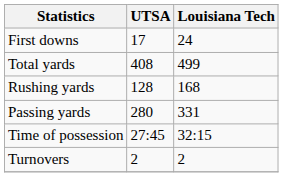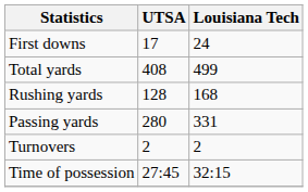 <table class="wikitable" style="float: left;">
 <tr>
 <th>Statistics</th>
 <th>UTSA</th>
 <th>Louisiana Tech</th>
 </tr>
 <tr>
 <td>First downs</td>
 <td>17</td>
 <td>24</td>
 </tr>
 <tr>
 <td>Total yards</td>
 <td>408</td>
 <td>499</td>
 </tr>
 <tr>
 <td>Rushing yards</td>
 <td>128</td>
 <td>168</td>
 </tr>
 <tr>
 <td>Passing yards</td>
 <td>280</td>
 <td>331</td>
 </tr>
 <tr>
+<td>Turnovers</td>
+<td>2</td>
+<td>2</td>
+</tr>
+<tr>
 <td>Time of possession</td>
 <td>27:45</td>
 <td>32:15</td>
 </tr>
 <tr>
-<td>Turnovers</td>
-<td>2</td>
-<td>2</td>
-</tr>
-<tr>
 </tr>
 </table>
